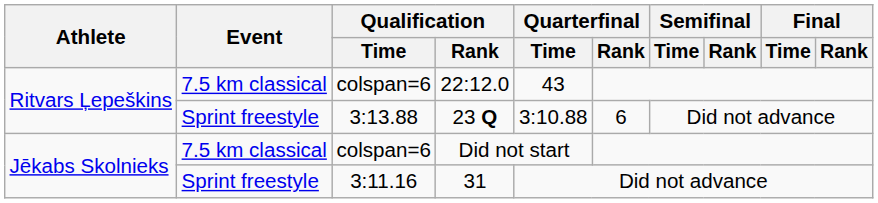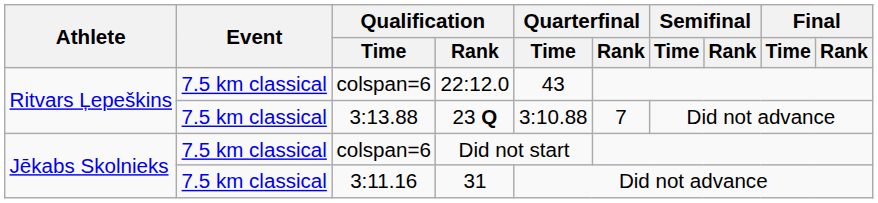 <table class="wikitable" style="font-size:90%">
 <tr>
 <th rowspan="2">Athlete</th>
 <th rowspan="2">Event</th>
 <th colspan="2">Qualification</th>
 <th colspan="2">Quarterfinal</th>
 <th colspan="2">Semifinal</th>
 <th colspan="2">Final</th>
 </tr>
 <tr style="font-size:95%">
 <th>Time</th>
 <th>Rank</th>
 <th>Time</th>
 <th>Rank</th>
 <th>Time</th>
 <th>Rank</th>
 <th>Time</th>
 <th>Rank</th>
 </tr>
 <tr align=center>
 <td align=left rowspan=2><a href='#'>Ritvars Ļepeškins</a></td>
 <td align=left><a href='#'>7.5 km classical</a></td>
 <td>colspan=6</td>
 <td>22:12.0</td>
 <td>43</td>
 </tr>
 <tr align=center>
-<td align=left><a href='#'>Sprint freestyle</a></td>
+<td align=left><a href='#'>7.5 km classical</a></td>
 <td>3:13.88</td>
 <td>23 <strong>Q</strong></td>
 <td>3:10.88</td>
-<td>6</td>
+<td>7</td>
 <td colspan=4>Did not advance</td>
 </tr>
 <tr align=center>
 <td align=left rowspan=2><a href='#'>Jēkabs Skolnieks</a></td>
 <td align=left><a href='#'>7.5 km classical</a></td>
 <td>colspan=6</td>
 <td colspan=2>Did not start</td>
 </tr>
 <tr align=center>
-<td align=left><a href='#'>Sprint freestyle</a></td>
+<td align=left><a href='#'>7.5 km classical</a></td>
 <td>3:11.16</td>
 <td>31</td>
 <td colspan=6>Did not advance</td>
 </tr>
 </table>
